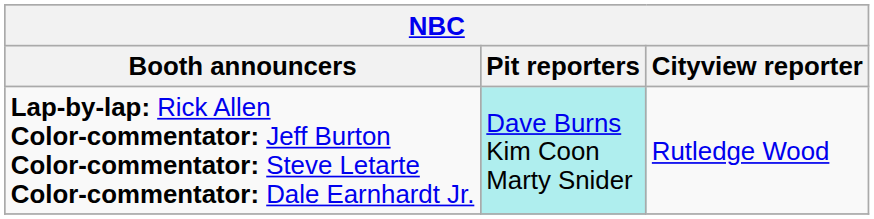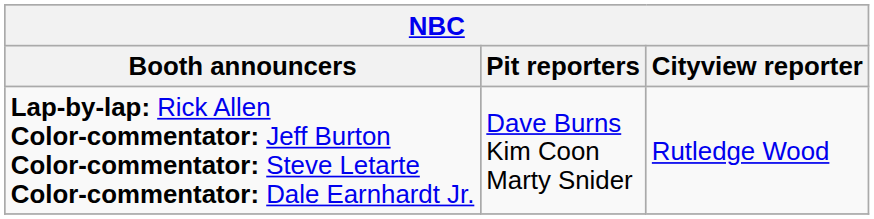 <table class="wikitable" style="font-size: 95%;">
 <tr>
 <th colspan="3"><a href='#'>NBC</a></th>
 </tr>
 <tr>
 <th>Booth announcers</th>
 <th>Pit reporters</th>
 <th>Cityview reporter</th>
 </tr>
 <tr>
 <td><strong>Lap-by-lap:</strong> <a href='#'>Rick Allen</a><br><strong>Color-commentator:</strong> <a href='#'>Jeff Burton</a><br><strong>Color-commentator:</strong> <a href='#'>Steve Letarte</a><br><strong>Color-commentator:</strong> <a href='#'>Dale Earnhardt Jr.</a></td>
-<td style="background: paleturquoise;"><a href='#'>Dave Burns</a><br>Kim Coon<br>Marty Snider</td>
+<td><a href='#'>Dave Burns</a><br>Kim Coon<br>Marty Snider</td>
 <td><a href='#'>Rutledge Wood</a></td>
 </tr>
 </table>
